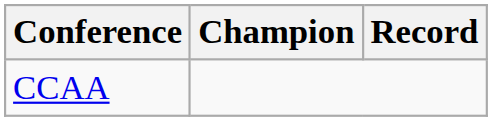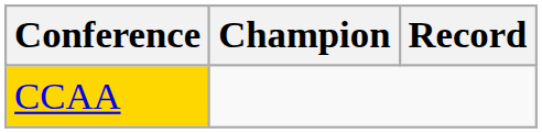 <table class="wikitable">
 <tr>
 <th>Conference</th>
 <th>Champion</th>
 <th>Record</th>
 </tr>
 <tr>
-<td><a href='#'>CCAA</a></td>
+<td style="background: gold;"><a href='#'>CCAA</a></td>
 </tr>
 </table>
